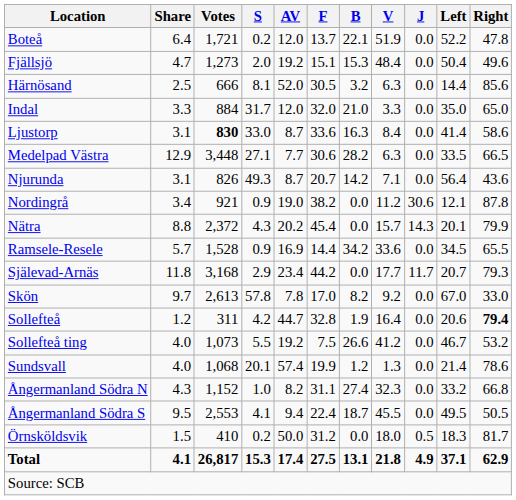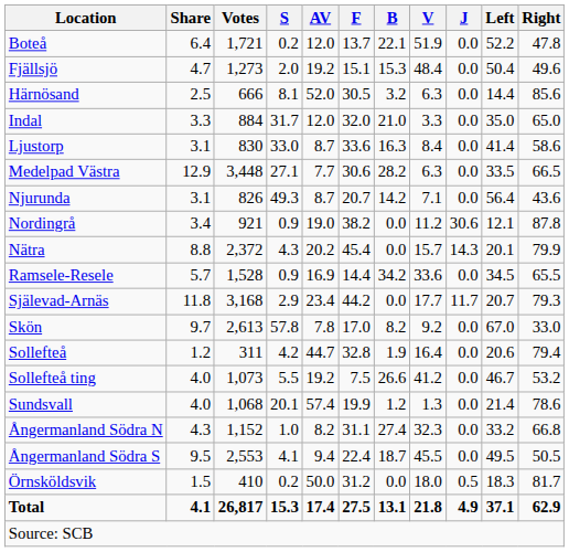 <table class="wikitable sortable" style=text-align:right>
 <tr>
 <th>Location</th>
 <th>Share</th>
 <th>Votes</th>
 <th><a href='#'>S</a></th>
 <th><a href='#'>AV</a></th>
 <th><a href='#'>F</a></th>
 <th><a href='#'>B</a></th>
 <th><a href='#'>V</a></th>
 <th><a href='#'>J</a></th>
 <th>Left</th>
 <th>Right</th>
 </tr>
 <tr>
 <td align=left><a href='#'>Boteå</a></td>
 <td>6.4</td>
 <td>1,721</td>
 <td>0.2</td>
 <td>12.0</td>
 <td>13.7</td>
 <td>22.1</td>
 <td>51.9</td>
 <td>0.0</td>
 <td>52.2</td>
 <td>47.8</td>
 </tr>
 <tr>
 <td align=left><a href='#'>Fjällsjö</a></td>
 <td>4.7</td>
 <td>1,273</td>
 <td>2.0</td>
 <td>19.2</td>
 <td>15.1</td>
 <td>15.3</td>
 <td>48.4</td>
 <td>0.0</td>
 <td>50.4</td>
 <td>49.6</td>
 </tr>
 <tr>
 <td align=left><a href='#'>Härnösand</a></td>
 <td>2.5</td>
 <td>666</td>
 <td>8.1</td>
 <td>52.0</td>
 <td>30.5</td>
 <td>3.2</td>
 <td>6.3</td>
 <td>0.0</td>
 <td>14.4</td>
 <td>85.6</td>
 </tr>
 <tr>
 <td align=left><a href='#'>Indal</a></td>
 <td>3.3</td>
 <td>884</td>
 <td>31.7</td>
 <td>12.0</td>
 <td>32.0</td>
 <td>21.0</td>
 <td>3.3</td>
 <td>0.0</td>
 <td>35.0</td>
 <td>65.0</td>
 </tr>
 <tr>
 <td align=left><a href='#'>Ljustorp</a></td>
 <td>3.1</td>
-<td><strong>830</strong></td>
+<td>830</td>
 <td>33.0</td>
 <td>8.7</td>
 <td>33.6</td>
 <td>16.3</td>
 <td>8.4</td>
 <td>0.0</td>
 <td>41.4</td>
 <td>58.6</td>
 </tr>
 <tr>
 <td align=left><a href='#'>Medelpad Västra</a></td>
 <td>12.9</td>
 <td>3,448</td>
 <td>27.1</td>
 <td>7.7</td>
 <td>30.6</td>
 <td>28.2</td>
 <td>6.3</td>
 <td>0.0</td>
 <td>33.5</td>
 <td>66.5</td>
 </tr>
 <tr>
 <td align=left><a href='#'>Njurunda</a></td>
 <td>3.1</td>
 <td>826</td>
 <td>49.3</td>
 <td>8.7</td>
 <td>20.7</td>
 <td>14.2</td>
 <td>7.1</td>
 <td>0.0</td>
 <td>56.4</td>
 <td>43.6</td>
 </tr>
 <tr>
 <td align=left><a href='#'>Nordingrå</a></td>
 <td>3.4</td>
 <td>921</td>
 <td>0.9</td>
 <td>19.0</td>
 <td>38.2</td>
 <td>0.0</td>
 <td>11.2</td>
 <td>30.6</td>
 <td>12.1</td>
 <td>87.8</td>
 </tr>
 <tr>
 <td align=left><a href='#'>Nätra</a></td>
 <td>8.8</td>
 <td>2,372</td>
 <td>4.3</td>
 <td>20.2</td>
 <td>45.4</td>
 <td>0.0</td>
 <td>15.7</td>
 <td>14.3</td>
 <td>20.1</td>
 <td>79.9</td>
 </tr>
 <tr>
 <td align=left><a href='#'>Ramsele-Resele</a></td>
 <td>5.7</td>
 <td>1,528</td>
 <td>0.9</td>
 <td>16.9</td>
 <td>14.4</td>
 <td>34.2</td>
 <td>33.6</td>
 <td>0.0</td>
 <td>34.5</td>
 <td>65.5</td>
 </tr>
 <tr>
 <td align=left><a href='#'>Själevad-Arnäs</a></td>
 <td>11.8</td>
 <td>3,168</td>
 <td>2.9</td>
 <td>23.4</td>
 <td>44.2</td>
 <td>0.0</td>
 <td>17.7</td>
 <td>11.7</td>
 <td>20.7</td>
 <td>79.3</td>
 </tr>
 <tr>
 <td align=left><a href='#'>Skön</a></td>
 <td>9.7</td>
 <td>2,613</td>
 <td>57.8</td>
 <td>7.8</td>
 <td>17.0</td>
 <td>8.2</td>
 <td>9.2</td>
 <td>0.0</td>
 <td>67.0</td>
 <td>33.0</td>
 </tr>
 <tr>
 <td align=left><a href='#'>Sollefteå</a></td>
 <td>1.2</td>
 <td>311</td>
 <td>4.2</td>
 <td>44.7</td>
 <td>32.8</td>
 <td>1.9</td>
 <td>16.4</td>
 <td>0.0</td>
 <td>20.6</td>
-<td><strong>79.4</strong></td>
+<td>79.4</td>
 </tr>
 <tr>
 <td align=left><a href='#'>Sollefteå ting</a></td>
 <td>4.0</td>
 <td>1,073</td>
 <td>5.5</td>
 <td>19.2</td>
 <td>7.5</td>
 <td>26.6</td>
 <td>41.2</td>
 <td>0.0</td>
 <td>46.7</td>
 <td>53.2</td>
 </tr>
 <tr>
 <td align=left><a href='#'>Sundsvall</a></td>
 <td>4.0</td>
 <td>1,068</td>
 <td>20.1</td>
 <td>57.4</td>
 <td>19.9</td>
 <td>1.2</td>
 <td>1.3</td>
 <td>0.0</td>
 <td>21.4</td>
 <td>78.6</td>
 </tr>
 <tr>
 <td align=left><a href='#'>Ångermanland Södra N</a></td>
 <td>4.3</td>
 <td>1,152</td>
 <td>1.0</td>
 <td>8.2</td>
 <td>31.1</td>
 <td>27.4</td>
 <td>32.3</td>
 <td>0.0</td>
 <td>33.2</td>
 <td>66.8</td>
 </tr>
 <tr>
 <td align=left><a href='#'>Ångermanland Södra S</a></td>
 <td>9.5</td>
 <td>2,553</td>
 <td>4.1</td>
 <td>9.4</td>
 <td>22.4</td>
 <td>18.7</td>
 <td>45.5</td>
 <td>0.0</td>
 <td>49.5</td>
 <td>50.5</td>
 </tr>
 <tr>
 <td align=left><a href='#'>Örnsköldsvik</a></td>
 <td>1.5</td>
 <td>410</td>
 <td>0.2</td>
 <td>50.0</td>
 <td>31.2</td>
 <td>0.0</td>
 <td>18.0</td>
 <td>0.5</td>
 <td>18.3</td>
 <td>81.7</td>
 </tr>
 <tr>
 <td align=left><strong>Total</strong></td>
 <td><strong>4.1</strong></td>
 <td><strong>26,817</strong></td>
 <td><strong>15.3</strong></td>
 <td><strong>17.4</strong></td>
 <td><strong>27.5</strong></td>
 <td><strong>13.1</strong></td>
 <td><strong>21.8</strong></td>
 <td><strong>4.9</strong></td>
 <td><strong>37.1</strong></td>
 <td><strong>62.9</strong></td>
 </tr>
 <tr>
 <td align=left colspan=11>Source: SCB </td>
 </tr>
 </table>
